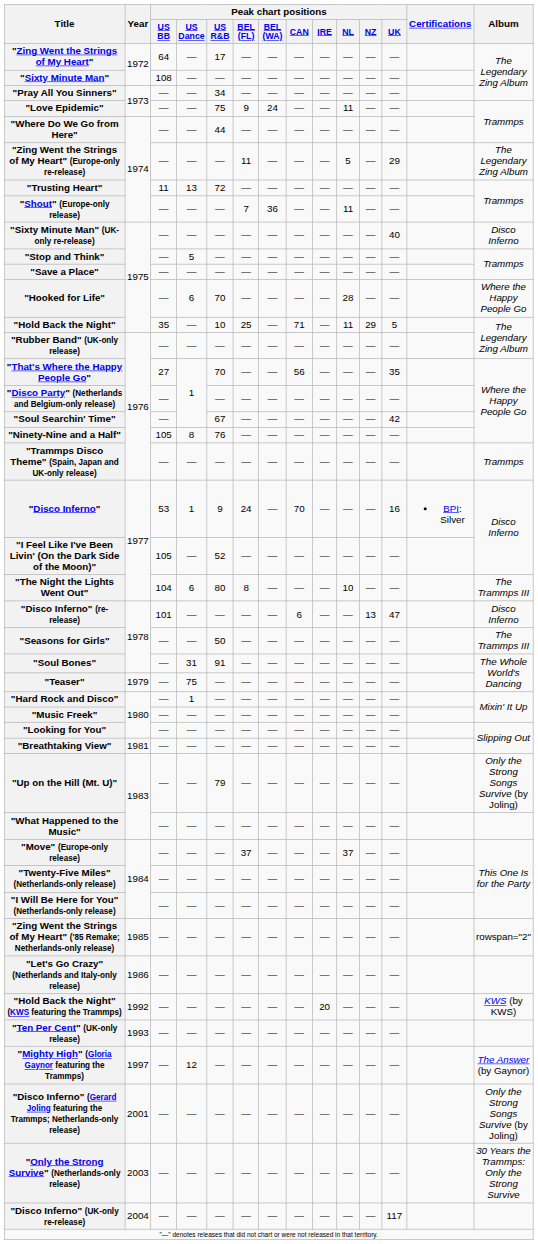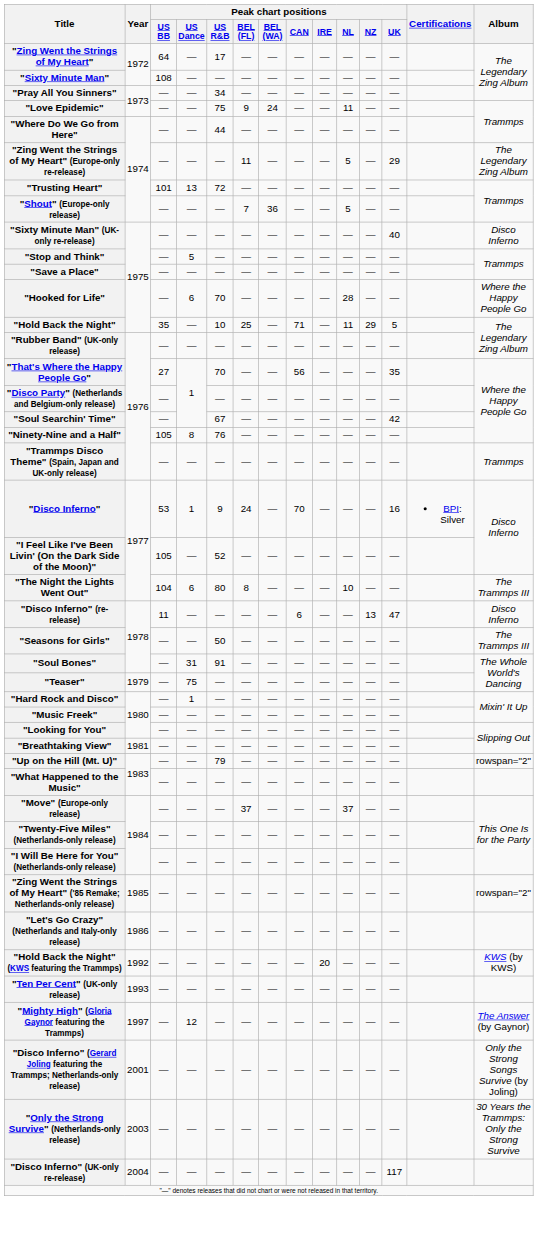 <table class="wikitable plainrowheaders" style="text-align:center;">
 <tr>
 <th rowspan="2" scope="col" style="width:18em;">Title</th>
 <th rowspan="2" scope="col" style="width:2em;">Year</th>
 <th colspan="10">Peak chart positions</th>
 <th rowspan="2"><a href='#'>Certifications</a></th>
 <th rowspan="2">Album</th>
 </tr>
 <tr>
 <th scope="col" style="width:3em;font-size:90%;"><a href='#'>US BB</a><br></th>
 <th scope="col" style="width:3em;font-size:90%;"><a href='#'>US Dance</a><br></th>
 <th scope="col" style="width:3em;font-size:90%;"><a href='#'>US R&B</a><br></th>
 <th scope="col" style="width:3em;font-size:90%;"><a href='#'>BEL (FL)</a><br></th>
 <th scope="col" style="width:3em;font-size:90%;"><a href='#'>BEL (WA)</a><br></th>
 <th scope="col" style="width:3em;font-size:90%;"><a href='#'>CAN</a><br></th>
 <th scope="col" style="width:3em;font-size:90%;"><a href='#'>IRE</a><br></th>
 <th scope="col" style="width:3em;font-size:90%;"><a href='#'>NL</a><br></th>
 <th scope="col" style="width:3em;font-size:90%;"><a href='#'>NZ</a><br></th>
 <th scope="col" style="width:3em;font-size:90%;"><a href='#'>UK</a><br></th>
 </tr>
 <tr>
 <th scope="row">"<a href='#'>Zing Went the Strings of My Heart</a>"</th>
 <td rowspan="2">1972</td>
 <td>64</td>
 <td align="center">—</td>
 <td>17</td>
 <td>—</td>
 <td>—</td>
 <td>—</td>
 <td>—</td>
 <td>—</td>
 <td>—</td>
 <td>—</td>
 <td></td>
 <td rowspan="3"><em>The Legendary Zing Album</em></td>
 </tr>
 <tr>
 <th scope="row">"<a href='#'>Sixty Minute Man</a>"</th>
 <td>108</td>
 <td align="center">—</td>
 <td>—</td>
 <td>—</td>
 <td>—</td>
 <td>—</td>
 <td>—</td>
 <td>—</td>
 <td>—</td>
 <td>—</td>
 <td></td>
 </tr>
 <tr>
 <th scope="row">"Pray All You Sinners"</th>
 <td rowspan="2">1973</td>
 <td>—</td>
 <td align="center">—</td>
 <td>34</td>
 <td>—</td>
 <td>—</td>
 <td>—</td>
 <td>—</td>
 <td>—</td>
 <td>—</td>
 <td>—</td>
 <td></td>
 </tr>
 <tr>
 <th scope="row">"Love Epidemic"</th>
 <td>—</td>
 <td align="center">—</td>
 <td>75</td>
 <td>9</td>
 <td>24</td>
 <td>—</td>
 <td>—</td>
 <td>11</td>
 <td>—</td>
 <td>—</td>
 <td></td>
 <td rowspan="2"><em>Trammps</em></td>
 </tr>
 <tr>
 <th scope="row">"Where Do We Go from Here"</th>
 <td rowspan="4">1974</td>
 <td>—</td>
 <td align="center">—</td>
 <td>44</td>
 <td>—</td>
 <td>—</td>
 <td>—</td>
 <td>—</td>
 <td>—</td>
 <td>—</td>
 <td>—</td>
 <td></td>
 </tr>
 <tr>
 <th scope="row">"Zing Went the Strings of My Heart" <small>(Europe-only re-release)</small></th>
 <td>—</td>
 <td>—</td>
 <td>—</td>
 <td>11</td>
 <td>—</td>
 <td>—</td>
 <td>—</td>
 <td>5</td>
 <td>—</td>
 <td>29</td>
 <td></td>
 <td><em>The Legendary Zing Album</em></td>
 </tr>
 <tr>
 <th scope="row">"Trusting Heart"</th>
-<td>11</td>
+<td>101</td>
 <td align="center">13</td>
 <td>72</td>
 <td>—</td>
 <td>—</td>
 <td>—</td>
 <td>—</td>
 <td>—</td>
 <td>—</td>
 <td>—</td>
 <td></td>
 <td rowspan="2"><em>Trammps</em></td>
 </tr>
 <tr>
 <th scope="row">"<a href='#'>Shout</a>" <small>(Europe-only release)</small></th>
 <td>—</td>
 <td align="center">—</td>
 <td>—</td>
 <td>7</td>
 <td>36</td>
 <td>—</td>
 <td>—</td>
-<td>11</td>
+<td>5</td>
 <td>—</td>
 <td>—</td>
 <td></td>
 </tr>
 <tr>
 <th scope="row">"Sixty Minute Man" <small>(UK-only re-release)</small></th>
 <td rowspan="5">1975</td>
 <td>—</td>
 <td>—</td>
 <td>—</td>
 <td>—</td>
 <td>—</td>
 <td>—</td>
 <td>—</td>
 <td>—</td>
 <td>—</td>
 <td>40</td>
 <td></td>
 <td><em>Disco Inferno</em></td>
 </tr>
 <tr>
 <th scope="row">"Stop and Think"</th>
 <td>—</td>
 <td align="center">5</td>
 <td>—</td>
 <td>—</td>
 <td>—</td>
 <td>—</td>
 <td>—</td>
 <td>—</td>
 <td>—</td>
 <td>—</td>
 <td></td>
 <td rowspan="2"><em>Trammps</em></td>
 </tr>
 <tr>
 <th scope="row">"Save a Place"</th>
 <td>—</td>
 <td align="center">—</td>
 <td>—</td>
 <td>—</td>
 <td>—</td>
 <td>—</td>
 <td>—</td>
 <td>—</td>
 <td>—</td>
 <td>—</td>
 <td></td>
 </tr>
 <tr>
 <th scope="row">"Hooked for Life"</th>
 <td>—</td>
 <td align="center">6</td>
 <td>70</td>
 <td>—</td>
 <td>—</td>
 <td>—</td>
 <td>—</td>
 <td>28</td>
 <td>—</td>
 <td>—</td>
 <td></td>
 <td><em>Where the Happy People Go</em></td>
 </tr>
 <tr>
 <th scope="row">"Hold Back the Night"</th>
 <td>35</td>
 <td align="center">—</td>
 <td>10</td>
 <td>25</td>
 <td>—</td>
 <td>71</td>
 <td>—</td>
 <td>11</td>
 <td>29</td>
 <td>5</td>
 <td></td>
 <td rowspan="2"><em>The Legendary Zing Album</em></td>
 </tr>
 <tr>
 <th scope="row">"Rubber Band" <small>(UK-only release)</small></th>
 <td rowspan="6">1976</td>
 <td>—</td>
 <td align="center">—</td>
 <td>—</td>
 <td>—</td>
 <td>—</td>
 <td>—</td>
 <td>—</td>
 <td>—</td>
 <td>—</td>
 <td>—</td>
 <td></td>
 </tr>
 <tr>
 <th scope="row">"<a href='#'>That's Where the Happy People Go</a>"</th>
 <td>27</td>
 <td rowspan="3" align="center">1</td>
 <td>70</td>
 <td>—</td>
 <td>—</td>
 <td>56</td>
 <td>—</td>
 <td>—</td>
 <td>—</td>
 <td>35</td>
 <td></td>
 <td rowspan="4"><em>Where the Happy People Go</em></td>
 </tr>
 <tr>
 <th scope="row">"<a href='#'>Disco Party</a>" <small>(Netherlands and Belgium-only release)</small></th>
 <td>—</td>
 <td>—</td>
 <td>—</td>
 <td>—</td>
 <td>—</td>
 <td>—</td>
 <td>—</td>
 <td>—</td>
 <td>—</td>
 <td></td>
 </tr>
 <tr>
 <th scope="row">"Soul Searchin' Time"</th>
 <td>—</td>
 <td>67</td>
 <td>—</td>
 <td>—</td>
 <td>—</td>
 <td>—</td>
 <td>—</td>
 <td>—</td>
 <td>42</td>
 <td></td>
 </tr>
 <tr>
 <th scope="row">"Ninety-Nine and a Half"</th>
 <td>105</td>
 <td>8</td>
 <td>76</td>
 <td>—</td>
 <td>—</td>
 <td>—</td>
 <td>—</td>
 <td>—</td>
 <td>—</td>
 <td>—</td>
 <td></td>
 </tr>
 <tr>
 <th scope="row">"Trammps Disco Theme" <small>(Spain, Japan and UK-only release)</small></th>
 <td>—</td>
 <td align="center">—</td>
 <td>—</td>
 <td>—</td>
 <td>—</td>
 <td>—</td>
 <td>—</td>
 <td>—</td>
 <td>—</td>
 <td>—</td>
 <td></td>
 <td><em>Trammps</em></td>
 </tr>
 <tr>
 <th scope="row">"<a href='#'>Disco Inferno</a>"</th>
 <td rowspan="3">1977</td>
 <td>53</td>
 <td>1</td>
 <td>9</td>
 <td>24</td>
 <td>—</td>
 <td>70</td>
 <td>—</td>
 <td>—</td>
 <td>—</td>
 <td>16</td>
 <td><br><ul><li><a href='#'>BPI</a>: Silver</li></ul></td>
 <td rowspan="2"><em>Disco Inferno</em></td>
 </tr>
 <tr>
 <th scope="row">"I Feel Like I've Been Livin' (On the Dark Side of the Moon)"</th>
 <td>105</td>
 <td>—</td>
 <td>52</td>
 <td>—</td>
 <td>—</td>
 <td>—</td>
 <td>—</td>
 <td>—</td>
 <td>—</td>
 <td>—</td>
 <td></td>
 </tr>
 <tr>
 <th scope="row">"The Night the Lights Went Out"</th>
 <td>104</td>
 <td>6</td>
 <td>80</td>
 <td>8</td>
 <td>—</td>
 <td>—</td>
 <td>—</td>
 <td>10</td>
 <td>—</td>
 <td>—</td>
 <td></td>
 <td><em>The Trammps III</em></td>
 </tr>
 <tr>
 <th scope="row">"Disco Inferno" <small>(re-release)</small></th>
 <td rowspan="3">1978</td>
-<td>101</td>
+<td>11</td>
 <td>—</td>
 <td>—</td>
 <td>—</td>
 <td>—</td>
 <td>6</td>
 <td>—</td>
 <td>—</td>
 <td>13</td>
 <td>47</td>
 <td></td>
 <td><em>Disco Inferno</em></td>
 </tr>
 <tr>
 <th scope="row">"Seasons for Girls"</th>
 <td>—</td>
 <td>—</td>
 <td>50</td>
 <td>—</td>
 <td>—</td>
 <td>—</td>
 <td>—</td>
 <td>—</td>
 <td>—</td>
 <td>—</td>
 <td></td>
 <td><em>The Trammps III</em></td>
 </tr>
 <tr>
 <th scope="row">"Soul Bones"</th>
 <td>—</td>
 <td>31</td>
 <td>91</td>
 <td>—</td>
 <td>—</td>
 <td>—</td>
 <td>—</td>
 <td>—</td>
 <td>—</td>
 <td>—</td>
 <td></td>
 <td rowspan="2"><em>The Whole World's Dancing</em></td>
 </tr>
 <tr>
 <th scope="row">"Teaser"</th>
 <td>1979</td>
 <td>—</td>
 <td>75</td>
 <td>—</td>
 <td>—</td>
 <td>—</td>
 <td>—</td>
 <td>—</td>
 <td>—</td>
 <td>—</td>
 <td>—</td>
 <td></td>
 </tr>
 <tr>
 <th scope="row">"Hard Rock and Disco"</th>
 <td rowspan="3">1980</td>
 <td>—</td>
 <td>1</td>
 <td>—</td>
 <td>—</td>
 <td>—</td>
 <td>—</td>
 <td>—</td>
 <td>—</td>
 <td>—</td>
 <td>—</td>
 <td></td>
 <td rowspan="2"><em>Mixin' It Up</em></td>
 </tr>
 <tr>
 <th scope="row">"Music Freek"</th>
 <td>—</td>
 <td align="center">—</td>
 <td>—</td>
 <td>—</td>
 <td>—</td>
 <td>—</td>
 <td>—</td>
 <td>—</td>
 <td>—</td>
 <td>—</td>
 <td></td>
 </tr>
 <tr>
 <th scope="row">"Looking for You"</th>
 <td>—</td>
 <td align="center">—</td>
 <td>—</td>
 <td>—</td>
 <td>—</td>
 <td>—</td>
 <td>—</td>
 <td>—</td>
 <td>—</td>
 <td>—</td>
 <td></td>
 <td rowspan="2"><em>Slipping Out</em></td>
 </tr>
 <tr>
 <th scope="row">"Breathtaking View"</th>
 <td>1981</td>
 <td>—</td>
 <td align="center">—</td>
 <td>—</td>
 <td>—</td>
 <td>—</td>
 <td>—</td>
 <td>—</td>
 <td>—</td>
 <td>—</td>
 <td>—</td>
 <td></td>
 </tr>
 <tr>
 <th scope="row">"Up on the Hill (Mt. U)"</th>
 <td rowspan="2">1983</td>
 <td>—</td>
 <td align="center">—</td>
 <td>79</td>
 <td>—</td>
 <td>—</td>
 <td>—</td>
 <td>—</td>
 <td>—</td>
 <td>—</td>
 <td>—</td>
 <td></td>
-<td><em>Only the Strong Songs Survive</em> (by Joling)</td>
+<td>rowspan="2" </td>
 </tr>
 <tr>
 <th scope="row">"What Happened to the Music"</th>
 <td>—</td>
 <td align="center">—</td>
 <td>—</td>
 <td>—</td>
 <td>—</td>
 <td>—</td>
 <td>—</td>
 <td>—</td>
 <td>—</td>
 <td>—</td>
 <td></td>
 </tr>
 <tr>
 <th scope="row">"Move" <small>(Europe-only release)</small></th>
 <td rowspan="3">1984</td>
 <td>—</td>
 <td align="center">—</td>
 <td>—</td>
 <td>37</td>
 <td>—</td>
 <td>—</td>
 <td>—</td>
 <td>37</td>
 <td>—</td>
 <td>—</td>
 <td></td>
 <td rowspan="3"><em>This One Is for the Party</em></td>
 </tr>
 <tr>
 <th scope="row">"Twenty-Five Miles" <small>(Netherlands-only release)</small></th>
 <td>—</td>
 <td align="center">—</td>
 <td>—</td>
 <td>—</td>
 <td>—</td>
 <td>—</td>
 <td>—</td>
 <td>—</td>
 <td>—</td>
 <td>—</td>
 <td></td>
 </tr>
 <tr>
 <th scope="row">"I Will Be Here for You" <small>(Netherlands-only release)</small></th>
 <td>—</td>
 <td align="center">—</td>
 <td>—</td>
 <td>—</td>
 <td>—</td>
 <td>—</td>
 <td>—</td>
 <td>—</td>
 <td>—</td>
 <td>—</td>
 <td></td>
 </tr>
 <tr>
 <th scope="row">"Zing Went the Strings of My Heart" <small>('85 Remake; Netherlands-only release)</small></th>
 <td>1985</td>
 <td>—</td>
 <td align="center">—</td>
 <td>—</td>
 <td>—</td>
 <td>—</td>
 <td>—</td>
 <td>—</td>
 <td>—</td>
 <td>—</td>
 <td>—</td>
 <td></td>
 <td>rowspan="2" </td>
 </tr>
 <tr>
 <th scope="row">"Let's Go Crazy" <small>(Netherlands and Italy-only release)</small></th>
 <td>1986</td>
 <td>—</td>
 <td align="center">—</td>
 <td>—</td>
 <td>—</td>
 <td>—</td>
 <td>—</td>
 <td>—</td>
 <td>—</td>
 <td>—</td>
 <td>—</td>
 <td></td>
 </tr>
 <tr>
 <th scope="row">"Hold Back the Night" <small>(<a href='#'>KWS</a> featuring the Trammps)</small></th>
 <td>1992</td>
 <td>—</td>
 <td align="center">—</td>
 <td>—</td>
 <td>—</td>
 <td>—</td>
 <td>—</td>
 <td>20</td>
 <td>—</td>
 <td>—</td>
 <td>—</td>
 <td></td>
 <td><em><a href='#'>KWS</a></em> (by KWS)</td>
 </tr>
 <tr>
 <th scope="row">"<a href='#'>Ten Per Cent</a>" <small>(UK-only release)</small></th>
 <td>1993</td>
 <td>—</td>
 <td align="center">—</td>
 <td>—</td>
 <td>—</td>
 <td>—</td>
 <td>—</td>
 <td>—</td>
 <td>—</td>
 <td>—</td>
 <td>—</td>
 <td></td>
 <td></td>
 </tr>
 <tr>
 <th scope="row">"<a href='#'>Mighty High</a>" <small>(<a href='#'>Gloria Gaynor</a> featuring the Trammps)</small></th>
 <td>1997</td>
 <td>—</td>
 <td align="center">12</td>
 <td>—</td>
 <td>—</td>
 <td>—</td>
 <td>—</td>
 <td>—</td>
 <td>—</td>
 <td>—</td>
 <td>—</td>
 <td></td>
 <td><em><a href='#'>The Answer</a></em> (by Gaynor)</td>
 </tr>
 <tr>
 <th scope="row">"Disco Inferno" <small>(<a href='#'>Gerard Joling</a> featuring the Trammps; Netherlands-only release)</small></th>
 <td>2001</td>
 <td>—</td>
 <td align="center">—</td>
 <td>—</td>
 <td>—</td>
 <td>—</td>
 <td>—</td>
 <td>—</td>
 <td>—</td>
 <td>—</td>
 <td>—</td>
 <td></td>
 <td><em>Only the Strong Songs Survive</em> (by Joling)</td>
 </tr>
 <tr>
 <th scope="row">"<a href='#'>Only the Strong Survive</a>" <small>(Netherlands-only release)</small></th>
 <td>2003</td>
 <td>—</td>
 <td>—</td>
 <td>—</td>
 <td>—</td>
 <td>—</td>
 <td>—</td>
 <td>—</td>
 <td>—</td>
 <td>—</td>
 <td>—</td>
 <td></td>
 <td><em>30 Years the Trammps: Only the Strong Survive</em></td>
 </tr>
 <tr>
 <th scope="row">"Disco Inferno" <small>(UK-only re-release)</small></th>
 <td>2004</td>
 <td>—</td>
 <td>—</td>
 <td>—</td>
 <td>—</td>
 <td>—</td>
 <td>—</td>
 <td>—</td>
 <td>—</td>
 <td>—</td>
 <td>117</td>
 <td></td>
 <td></td>
 </tr>
 <tr>
 <td colspan="14" style="font-size:8pt">"—" denotes releases that did not chart or were not released in that territory.</td>
 </tr>
 </table>
